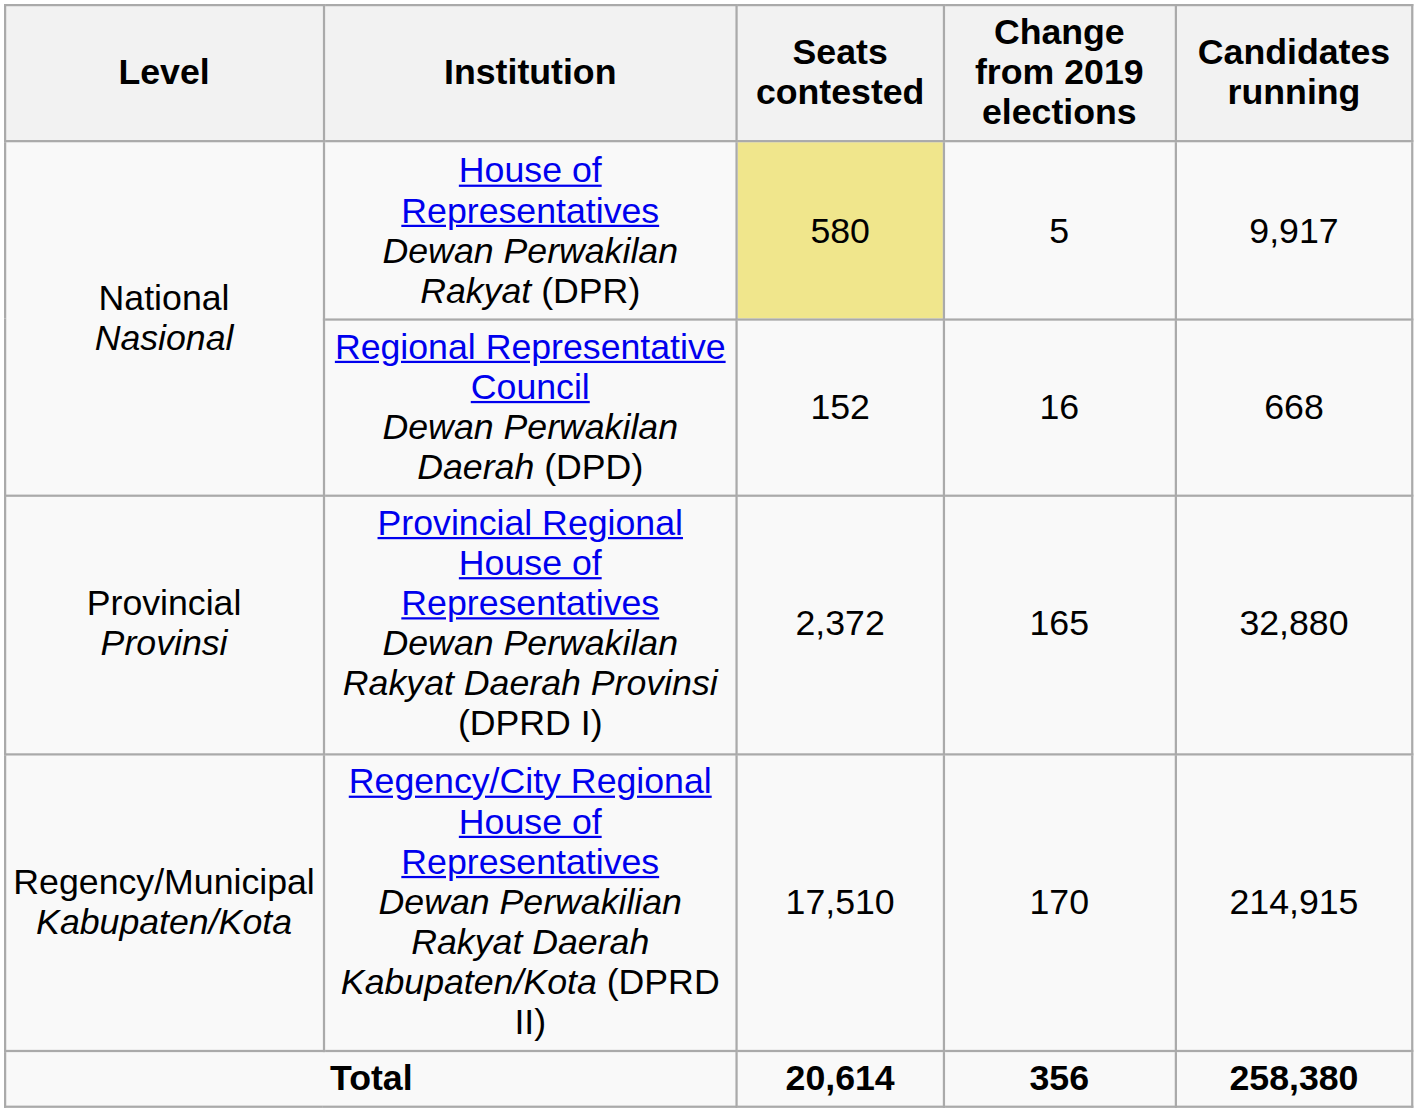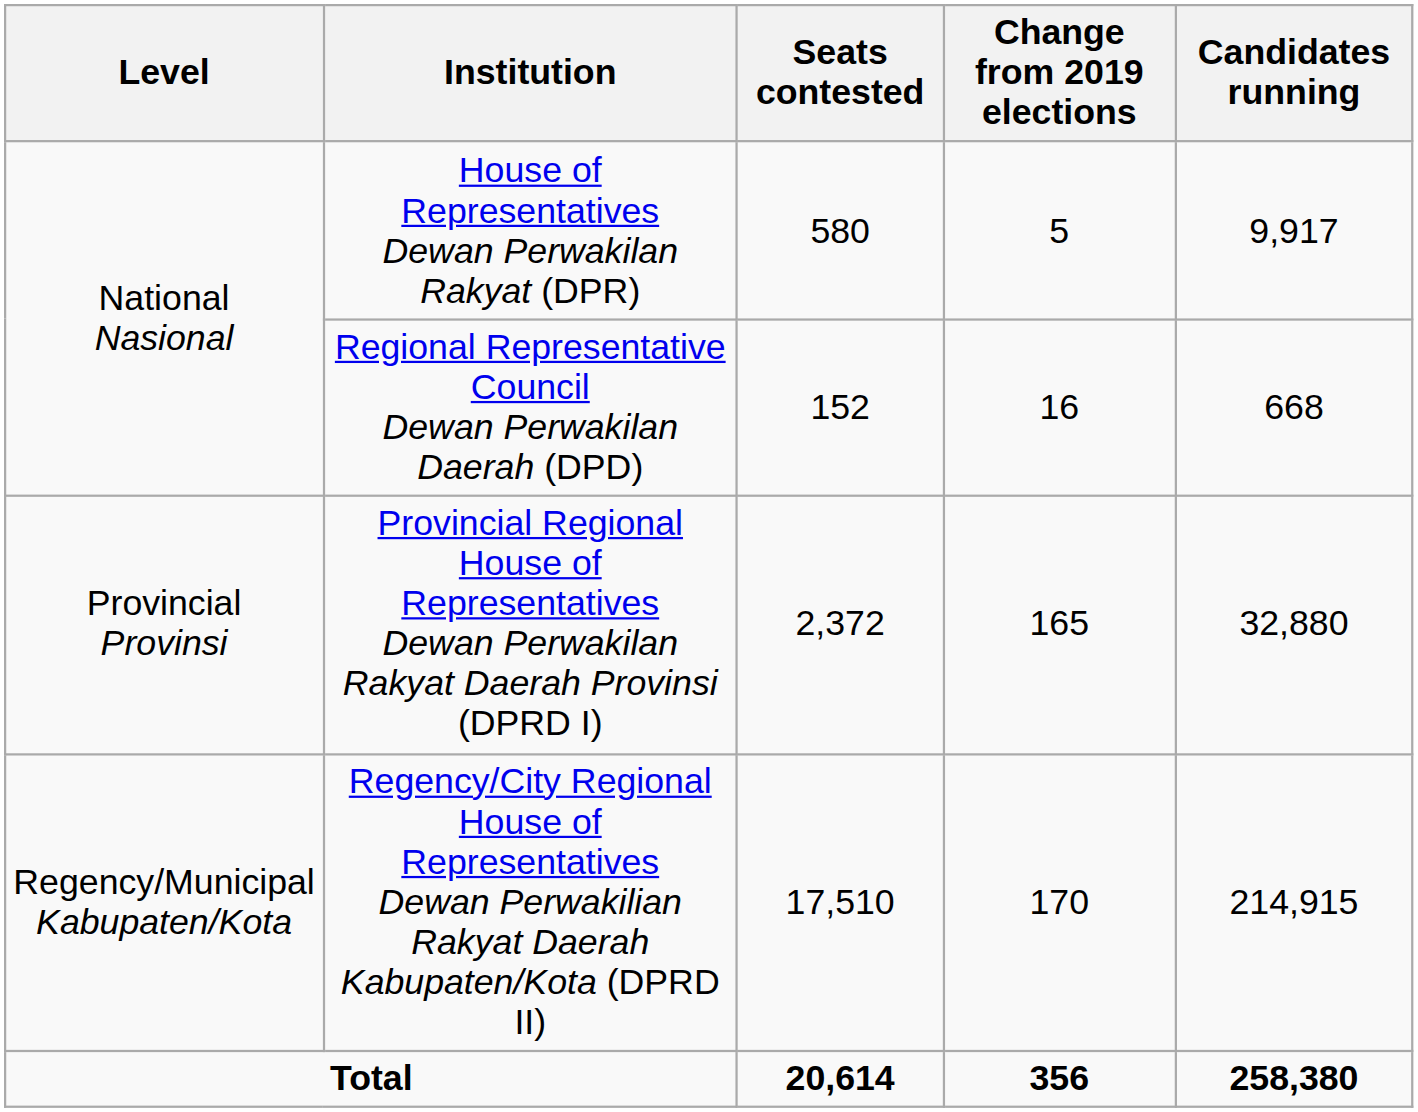 <table class="wikitable" style="text-align:center; width:50%">
 <tr>
 <th scope="col">Level</th>
 <th scope="col">Institution</th>
 <th scope="col">Seats contested</th>
 <th scope="col">Change from 2019 elections</th>
 <th scope="col">Candidates running</th>
 </tr>
 <tr>
 <td rowspan=2>National<br><em>Nasional</em></td>
 <td><a href='#'>House of Representatives</a><br><em>Dewan Perwakilan Rakyat</em> (DPR)</td>
-<td style="background: khaki;">580</td>
+<td>580</td>
 <td>5</td>
 <td>9,917</td>
 </tr>
 <tr>
 <td><a href='#'>Regional Representative Council</a><br><em>Dewan Perwakilan Daerah</em> (DPD)</td>
 <td>152</td>
 <td>16</td>
 <td>668</td>
 </tr>
 <tr>
 <td>Provincial<br><em>Provinsi</em></td>
 <td><a href='#'>Provincial Regional House of Representatives</a><br><em>Dewan Perwakilan Rakyat Daerah Provinsi</em> (DPRD I)</td>
 <td>2,372</td>
 <td>165</td>
 <td>32,880</td>
 </tr>
 <tr>
 <td>Regency/Municipal<br><em>Kabupaten/Kota</em></td>
 <td><a href='#'>Regency/City Regional House of Representatives</a><br><em>Dewan Perwakilian Rakyat Daerah Kabupaten/Kota</em> (DPRD II)</td>
 <td>17,510</td>
 <td>170</td>
 <td>214,915</td>
 </tr>
 <tr>
 <td colspan=2><strong>Total</strong></td>
 <td><strong>20,614</strong></td>
 <td><strong>356</strong></td>
 <td><strong>258,380</strong></td>
 </tr>
 </table>
